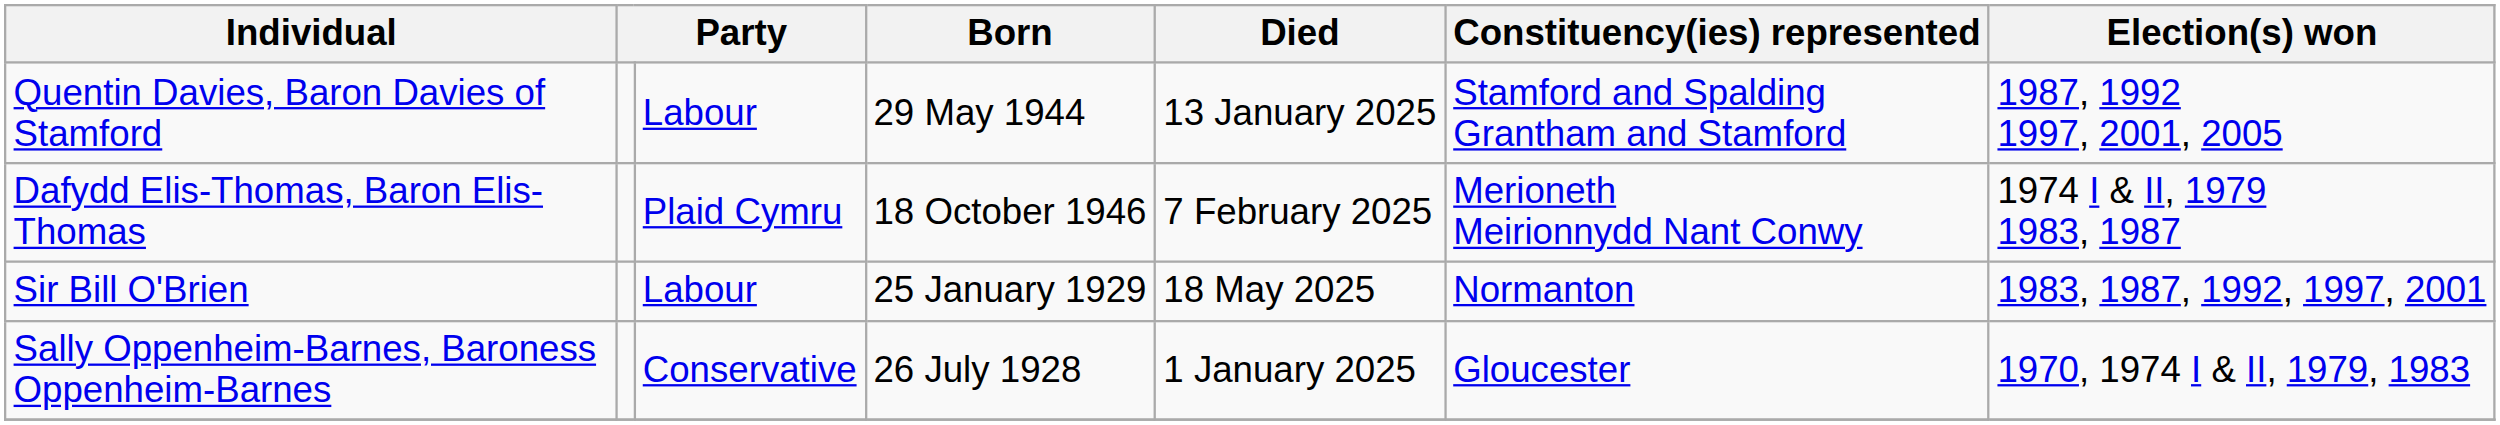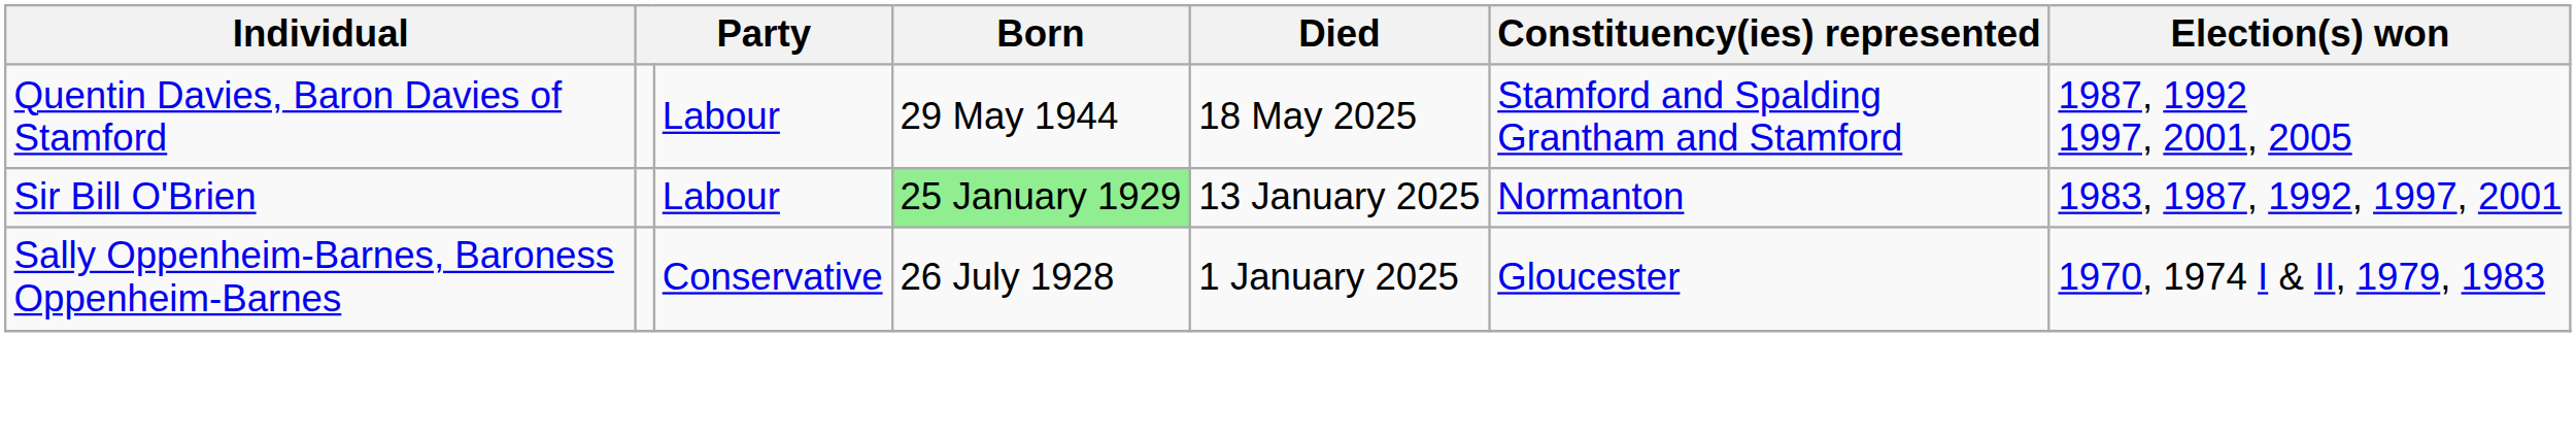 <table class="wikitable sortable">
 <tr>
 <th width="260px">Individual</th>
 <th colspan="2">Party</th>
 <th>Born</th>
 <th>Died</th>
 <th>Constituency(ies) represented</th>
 <th>Election(s) won</th>
 </tr>
 <tr>
 <td><a href='#'>Quentin Davies, Baron Davies of Stamford</a></td>
 <td style="background-color: "></td>
 <td><a href='#'>Labour</a></td>
 <td>29 May 1944</td>
-<td>13 January 2025</td>
+<td>18 May 2025</td>
 <td><a href='#'>Stamford and Spalding</a><br><a href='#'>Grantham and Stamford</a></td>
 <td><a href='#'>1987</a>, <a href='#'>1992</a><br><a href='#'>1997</a>, <a href='#'>2001</a>, <a href='#'>2005</a></td>
-</tr>
-<tr>
-<td><a href='#'>Dafydd Elis-Thomas, Baron Elis-Thomas</a></td>
-<td style="background-color: "></td>
-<td><a href='#'>Plaid Cymru</a></td>
-<td>18 October 1946</td>
-<td>7 February 2025</td>
-<td><a href='#'>Merioneth</a><br><a href='#'>Meirionnydd Nant Conwy</a></td>
-<td>1974 <a href='#'>I</a> & <a href='#'>II</a>, <a href='#'>1979</a><br><a href='#'>1983</a>, <a href='#'>1987</a></td>
 </tr>
 <tr>
 <td><a href='#'>Sir Bill O'Brien</a></td>
 <td style="background-color: "></td>
 <td><a href='#'>Labour</a></td>
-<td>25 January 1929</td>
-<td>18 May 2025</td>
+<td style="background: lightgreen;">25 January 1929</td>
+<td>13 January 2025</td>
 <td><a href='#'>Normanton</a></td>
 <td><a href='#'>1983</a>, <a href='#'>1987</a>, <a href='#'>1992</a>, <a href='#'>1997</a>, <a href='#'>2001</a></td>
 </tr>
 <tr>
 <td><a href='#'>Sally Oppenheim-Barnes, Baroness Oppenheim-Barnes</a></td>
 <td style="background-color: "></td>
 <td><a href='#'>Conservative</a></td>
 <td>26 July 1928</td>
 <td>1 January 2025</td>
 <td><a href='#'>Gloucester</a></td>
 <td><a href='#'>1970</a>, 1974 <a href='#'>I</a> & <a href='#'>II</a>, <a href='#'>1979</a>, <a href='#'>1983</a></td>
 </tr>
 <tr>
 </tr>
 </table>
